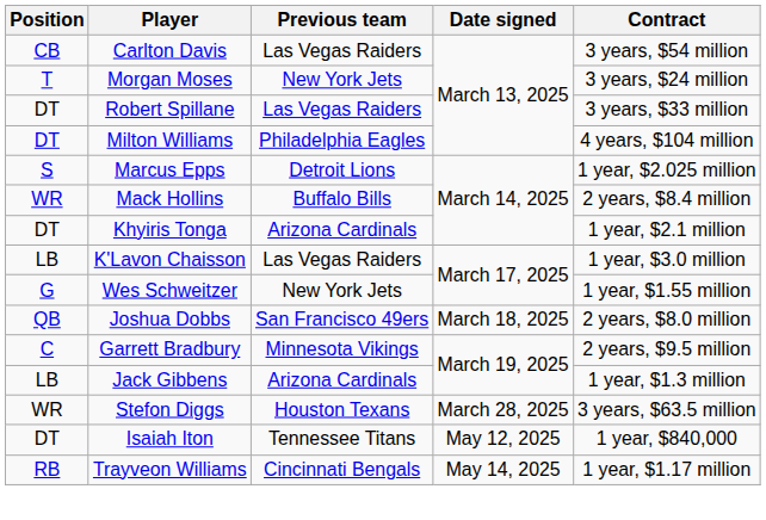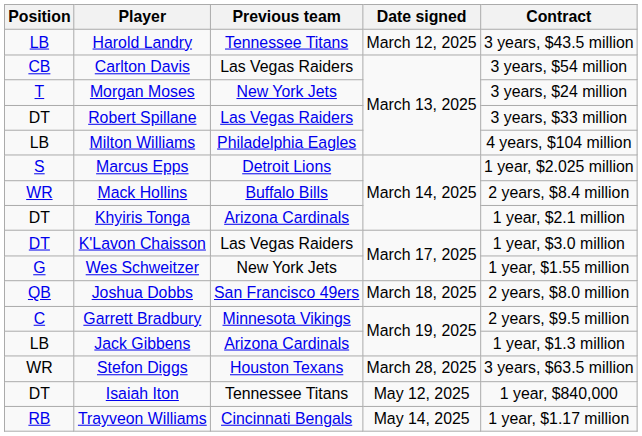 <table class="wikitable" style="text-align:center">
 <tr>
 <th>Position</th>
 <th>Player</th>
 <th>Previous team</th>
 <th>Date signed</th>
 <th>Contract</th>
+</tr>
+<tr>
+<td><a href='#'>LB</a></td>
+<td><a href='#'>Harold Landry</a></td>
+<td><a href='#'>Tennessee Titans</a></td>
+<td>March 12, 2025</td>
+<td>3 years, $43.5 million</td>
 </tr>
 <tr>
 <td><a href='#'>CB</a></td>
 <td><a href='#'>Carlton Davis</a></td>
 <td>Las Vegas Raiders</td>
 <td rowspan="4">March 13, 2025</td>
 <td>3 years, $54 million</td>
 </tr>
 <tr>
 <td><a href='#'>T</a></td>
 <td><a href='#'>Morgan Moses</a></td>
 <td><a href='#'>New York Jets</a></td>
 <td>3 years, $24 million</td>
 </tr>
 <tr>
 <td>DT</td>
 <td><a href='#'>Robert Spillane</a></td>
 <td><a href='#'>Las Vegas Raiders</a></td>
 <td>3 years, $33 million</td>
 </tr>
 <tr>
-<td><a href='#'>DT</a></td>
+<td>LB</td>
 <td><a href='#'>Milton Williams</a></td>
 <td><a href='#'>Philadelphia Eagles</a></td>
 <td>4 years, $104 million</td>
 </tr>
 <tr>
 <td><a href='#'>S</a></td>
 <td><a href='#'>Marcus Epps</a></td>
 <td><a href='#'>Detroit Lions</a></td>
 <td rowspan="3">March 14, 2025</td>
 <td>1 year, $2.025 million</td>
 </tr>
 <tr>
 <td><a href='#'>WR</a></td>
 <td><a href='#'>Mack Hollins</a></td>
 <td><a href='#'>Buffalo Bills</a></td>
 <td>2 years, $8.4 million</td>
 </tr>
 <tr>
 <td>DT</td>
 <td><a href='#'>Khyiris Tonga</a></td>
 <td><a href='#'>Arizona Cardinals</a></td>
 <td>1 year, $2.1 million</td>
 </tr>
 <tr>
-<td>LB</td>
+<td><a href='#'>DT</a></td>
 <td><a href='#'>K'Lavon Chaisson</a></td>
 <td>Las Vegas Raiders</td>
 <td rowspan="2">March 17, 2025</td>
 <td>1 year, $3.0 million</td>
 </tr>
 <tr>
 <td><a href='#'>G</a></td>
 <td><a href='#'>Wes Schweitzer</a></td>
 <td>New York Jets</td>
 <td>1 year, $1.55 million</td>
 </tr>
 <tr>
 <td><a href='#'>QB</a></td>
 <td><a href='#'>Joshua Dobbs</a></td>
 <td><a href='#'>San Francisco 49ers</a></td>
 <td>March 18, 2025</td>
 <td>2 years, $8.0 million</td>
 </tr>
 <tr>
 <td><a href='#'>C</a></td>
 <td><a href='#'>Garrett Bradbury</a></td>
 <td><a href='#'>Minnesota Vikings</a></td>
 <td rowspan="2">March 19, 2025</td>
 <td>2 years, $9.5 million</td>
 </tr>
 <tr>
 <td>LB</td>
 <td><a href='#'>Jack Gibbens</a></td>
 <td><a href='#'>Arizona Cardinals</a></td>
 <td>1 year, $1.3 million</td>
 </tr>
 <tr>
 <td>WR</td>
 <td><a href='#'>Stefon Diggs</a></td>
 <td><a href='#'>Houston Texans</a></td>
 <td>March 28, 2025</td>
 <td>3 years, $63.5 million</td>
 </tr>
 <tr>
 <td>DT</td>
 <td><a href='#'>Isaiah Iton</a></td>
 <td>Tennessee Titans</td>
 <td>May 12, 2025</td>
 <td>1 year, $840,000</td>
 </tr>
 <tr>
 <td><a href='#'>RB</a></td>
 <td><a href='#'>Trayveon Williams</a></td>
 <td><a href='#'>Cincinnati Bengals</a></td>
 <td>May 14, 2025</td>
 <td>1 year, $1.17 million</td>
 </tr>
 </table>
